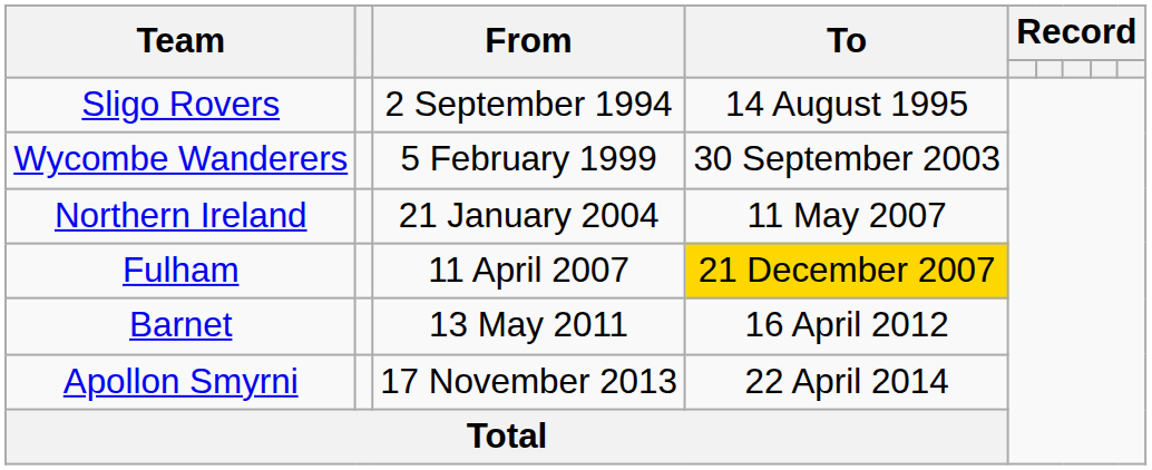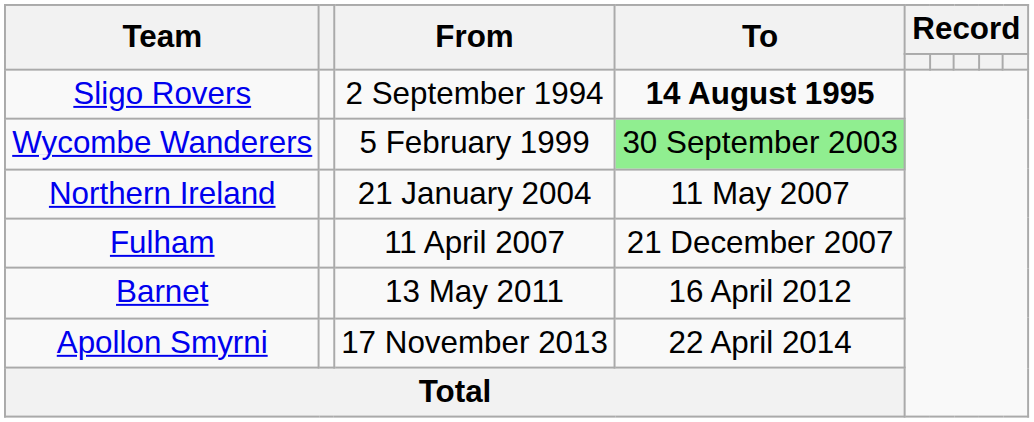 <table class="wikitable" style="text-align:center">
 <tr>
 <th rowspan="2">Team</th>
 <th rowspan="2"></th>
 <th rowspan="2">From</th>
 <th rowspan="2">To</th>
 <th colspan="5">Record</th>
 </tr>
 <tr>
 <th></th>
 <th></th>
 <th></th>
 <th></th>
 <th></th>
 </tr>
 <tr>
 <td><a href='#'>Sligo Rovers</a></td>
 <td></td>
 <td>2 September 1994</td>
-<td>14 August 1995<br></td>
+<td><strong>14 August 1995<br></strong></td>
 </tr>
 <tr>
 <td><a href='#'>Wycombe Wanderers</a></td>
 <td></td>
 <td>5 February 1999</td>
-<td>30 September 2003<br></td>
+<td style="background: lightgreen;">30 September 2003<br></td>
 </tr>
 <tr>
 <td><a href='#'>Northern Ireland</a></td>
 <td></td>
 <td>21 January 2004</td>
 <td>11 May 2007<br></td>
 </tr>
 <tr>
 <td><a href='#'>Fulham</a></td>
 <td></td>
 <td>11 April 2007</td>
-<td style="background: gold;">21 December 2007<br></td>
+<td>21 December 2007<br></td>
 </tr>
 <tr>
 <td><a href='#'>Barnet</a></td>
 <td></td>
 <td>13 May 2011</td>
 <td>16 April 2012<br></td>
 </tr>
 <tr>
 <td><a href='#'>Apollon Smyrni</a></td>
 <td></td>
 <td>17 November 2013</td>
 <td>22 April 2014<br></td>
 </tr>
 <tr>
 <th colspan="4">Total<br></th>
 </tr>
 </table>
